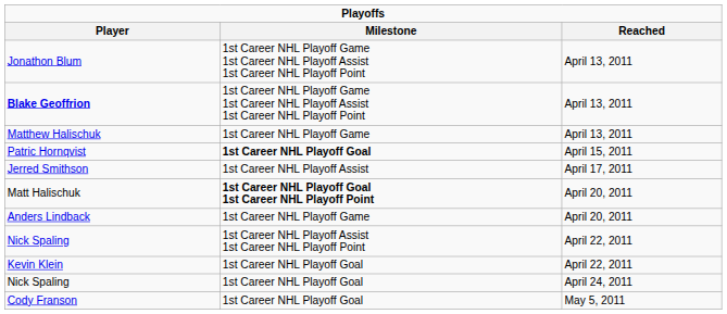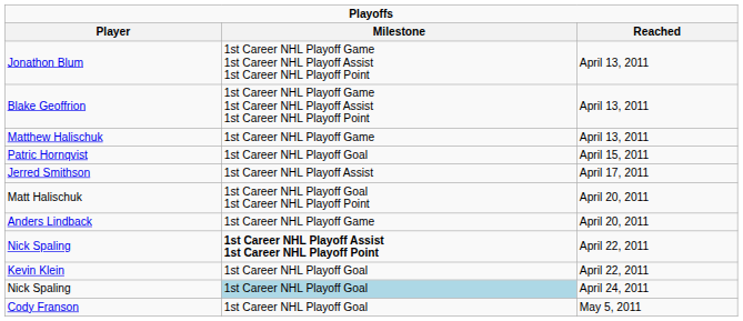 <table class="wikitable" width="52%">
 <tr>
 <td colspan="10" align="center"><strong>Playoffs</strong></td>
 </tr>
 <tr>
 <th>Player</th>
 <th>Milestone</th>
 <th>Reached</th>
 </tr>
 <tr>
 <td><a href='#'>Jonathon Blum</a></td>
 <td>1st Career NHL Playoff Game<br>1st Career NHL Playoff Assist<br>1st Career NHL Playoff Point</td>
 <td>April 13, 2011</td>
 </tr>
 <tr>
-<td><strong><a href='#'>Blake Geoffrion</a></strong></td>
+<td><a href='#'>Blake Geoffrion</a></td>
 <td>1st Career NHL Playoff Game<br>1st Career NHL Playoff Assist<br>1st Career NHL Playoff Point</td>
 <td>April 13, 2011</td>
 </tr>
 <tr>
 <td><a href='#'>Matthew Halischuk</a></td>
 <td>1st Career NHL Playoff Game</td>
 <td>April 13, 2011</td>
 </tr>
 <tr>
 <td><a href='#'>Patric Hornqvist</a></td>
-<td><strong>1st Career NHL Playoff Goal</strong></td>
+<td>1st Career NHL Playoff Goal</td>
 <td>April 15, 2011</td>
 </tr>
 <tr>
 <td><a href='#'>Jerred Smithson</a></td>
 <td>1st Career NHL Playoff Assist</td>
 <td>April 17, 2011</td>
 </tr>
 <tr>
 <td>Matt Halischuk</td>
-<td><strong>1st Career NHL Playoff Goal<br>1st Career NHL Playoff Point</strong></td>
+<td>1st Career NHL Playoff Goal<br>1st Career NHL Playoff Point</td>
 <td>April 20, 2011</td>
 </tr>
 <tr>
 <td><a href='#'>Anders Lindback</a></td>
 <td>1st Career NHL Playoff Game</td>
 <td>April 20, 2011</td>
 </tr>
 <tr>
 <td><a href='#'>Nick Spaling</a></td>
-<td>1st Career NHL Playoff Assist<br>1st Career NHL Playoff Point</td>
+<td><strong>1st Career NHL Playoff Assist<br>1st Career NHL Playoff Point</strong></td>
 <td>April 22, 2011</td>
 </tr>
 <tr>
 <td><a href='#'>Kevin Klein</a></td>
 <td>1st Career NHL Playoff Goal</td>
 <td>April 22, 2011</td>
 </tr>
 <tr>
 <td>Nick Spaling</td>
-<td>1st Career NHL Playoff Goal</td>
+<td style="background: lightblue;">1st Career NHL Playoff Goal</td>
 <td>April 24, 2011</td>
 </tr>
 <tr>
 <td><a href='#'>Cody Franson</a></td>
 <td>1st Career NHL Playoff Goal</td>
 <td>May 5, 2011</td>
 </tr>
 </table>
